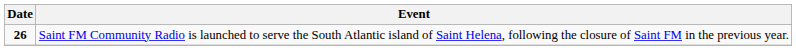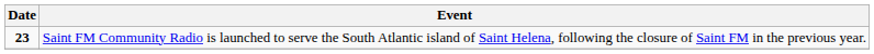 <table class="wikitable">
 <tr>
 <th>Date</th>
 <th>Event</th>
 </tr>
 <tr>
-<td style="text-align:center;"><strong>26</strong></td>
+<td style="text-align:center;"><strong>23</strong></td>
 <td><a href='#'>Saint FM Community Radio</a> is launched to serve the South Atlantic island of <a href='#'>Saint Helena</a>, following the closure of <a href='#'>Saint FM</a> in the previous year.</td>
 </tr>
 <tr>
 </tr>
 </table>
